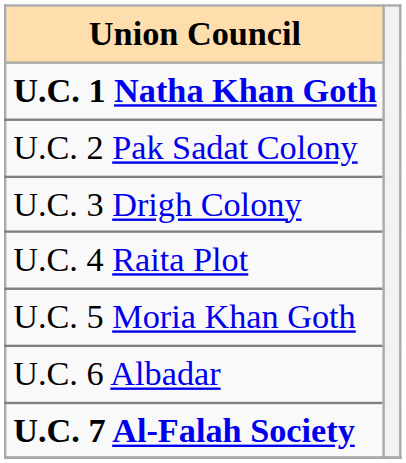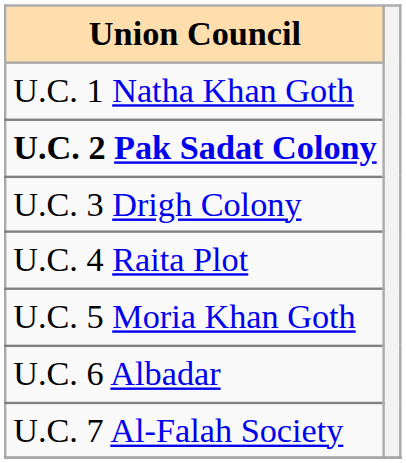 <table class="sortable wikitable" align="left" style="font-size:90%">
 <tr>
 <th style="background:#ffdead;">Union Council</th>
 <th rowspan=8 style="border-bottom:1px solid grey;" valign="top" class="unsortable"><br><br></th>
 </tr>
 <tr>
-<td style="border-bottom:1px solid grey;"><strong>U.C. 1 <a href='#'>Natha Khan Goth</a></strong></td>
+<td style="border-bottom:1px solid grey;">U.C. 1 <a href='#'>Natha Khan Goth</a></td>
 </tr>
 <tr>
-<td style="border-bottom:1px solid grey;">U.C. 2 <a href='#'>Pak Sadat Colony</a></td>
+<td style="border-bottom:1px solid grey;"><strong>U.C. 2 <a href='#'>Pak Sadat Colony</a></strong></td>
 </tr>
 <tr>
 <td style="border-bottom:1px solid grey;">U.C. 3 <a href='#'>Drigh Colony</a></td>
 </tr>
 <tr>
 <td style="border-bottom:1px solid grey;">U.C. 4 <a href='#'>Raita Plot</a></td>
 </tr>
 <tr>
 <td style="border-bottom:1px solid grey;">U.C. 5 <a href='#'>Moria Khan Goth</a></td>
 </tr>
 <tr>
 <td style="border-bottom:1px solid grey;">U.C. 6 <a href='#'>Albadar</a></td>
 </tr>
 <tr>
-<td style="border-bottom:1px solid grey;"><strong>U.C. 7 <a href='#'>Al-Falah Society</a></strong></td>
+<td style="border-bottom:1px solid grey;">U.C. 7 <a href='#'>Al-Falah Society</a></td>
 </tr>
 <tr>
 </tr>
 </table>
